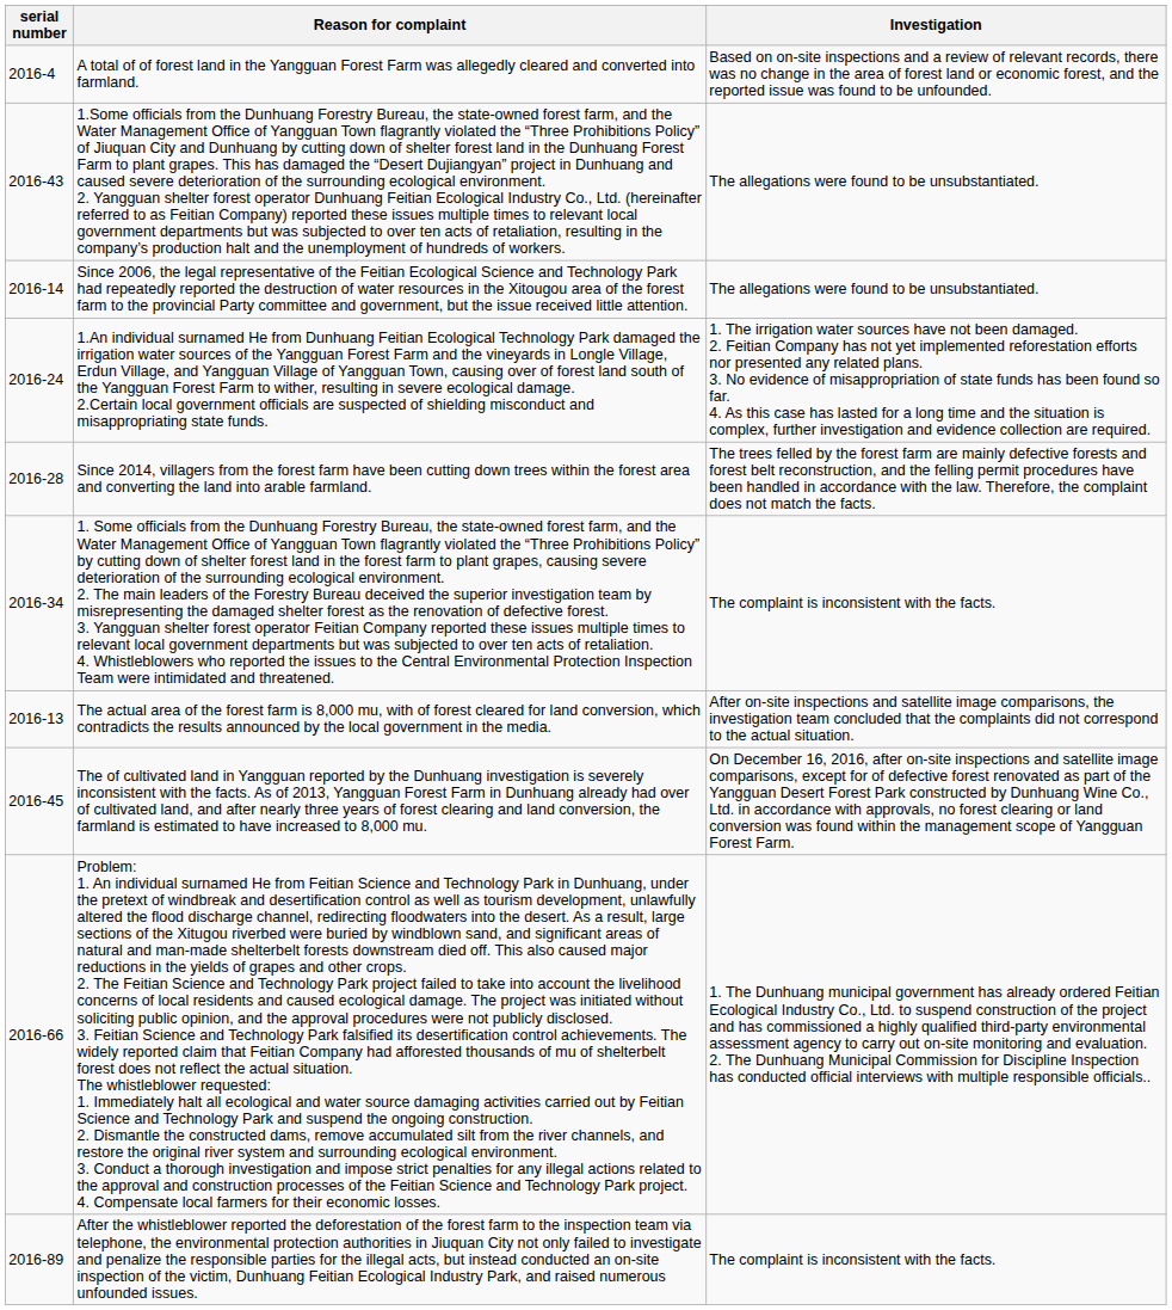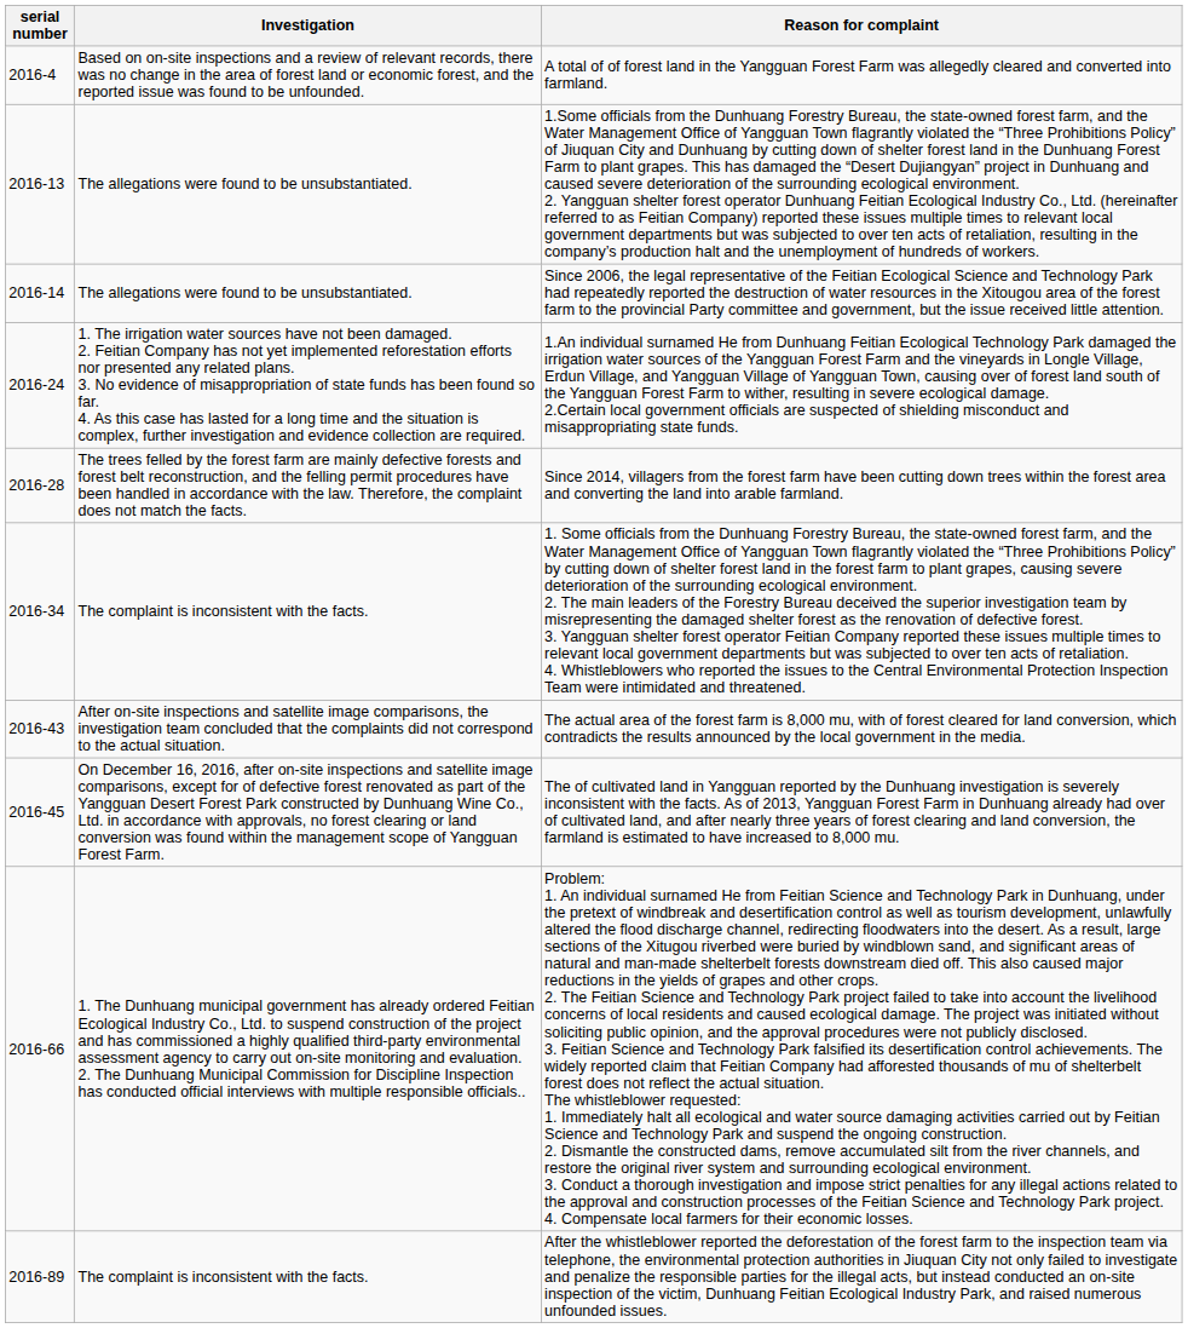 <table class="wikitable">
 <tr>
 <th>serial number</th>
+<th>Investigation</th>
 <th>Reason for complaint</th>
-<th>Investigation</th>
 </tr>
 <tr>
 <td>2016-4</td>
+<td>Based on on-site inspections and a review of relevant records, there was no change in the area of forest land or economic forest, and the reported issue was found to be unfounded.</td>
 <td>A total of  of forest land in the Yangguan Forest Farm was allegedly cleared and converted into farmland.</td>
-<td>Based on on-site inspections and a review of relevant records, there was no change in the area of forest land or economic forest, and the reported issue was found to be unfounded.</td>
+</tr>
+<tr>
+<td>2016-13</td>
+<td>The allegations were found to be unsubstantiated.</td>
+<td>1.Some officials from the Dunhuang Forestry Bureau, the state-owned forest farm, and the Water Management Office of Yangguan Town flagrantly violated the “Three Prohibitions Policy” of Jiuquan City and Dunhuang by cutting down  of shelter forest land in the Dunhuang Forest Farm to plant grapes. This has damaged the “Desert Dujiangyan” project in Dunhuang and caused severe deterioration of the surrounding ecological environment.<br>2. Yangguan shelter forest operator Dunhuang Feitian Ecological Industry Co., Ltd. (hereinafter referred to as Feitian Company) reported these issues multiple times to relevant local government departments but was subjected to over ten acts of retaliation, resulting in the company’s production halt and the unemployment of hundreds of workers.</td>
+</tr>
+<tr>
+<td>2016-14</td>
+<td>The allegations were found to be unsubstantiated.</td>
+<td>Since 2006, the legal representative of the Feitian Ecological Science and Technology Park had repeatedly reported the destruction of water resources in the Xitougou area of the forest farm to the provincial Party committee and government, but the issue received little attention.</td>
+</tr>
+<tr>
+<td>2016-24</td>
+<td>1. The irrigation water sources have not been damaged.<br>2. Feitian Company has not yet implemented reforestation efforts nor presented any related plans.<br>3. No evidence of misappropriation of state funds has been found so far.<br>4. As this case has lasted for a long time and the situation is complex, further investigation and evidence collection are required.</td>
+<td>1.An individual surnamed He from Dunhuang Feitian Ecological Technology Park damaged the irrigation water sources of the Yangguan Forest Farm and the vineyards in Longle Village, Erdun Village, and Yangguan Village of Yangguan Town, causing over  of forest land south of the Yangguan Forest Farm to wither, resulting in severe ecological damage.<br>2.Certain local government officials are suspected of shielding misconduct and misappropriating state funds.</td>
+</tr>
+<tr>
+<td>2016-28</td>
+<td>The trees felled by the forest farm are mainly defective forests and forest belt reconstruction, and the felling permit procedures have been handled in accordance with the law. Therefore, the complaint does not match the facts.</td>
+<td>Since 2014, villagers from the forest farm have been cutting down trees within the forest area and converting the land into arable farmland.</td>
+</tr>
+<tr>
+<td>2016-34</td>
+<td>The complaint is inconsistent with the facts.</td>
+<td>1. Some officials from the Dunhuang Forestry Bureau, the state-owned forest farm, and the Water Management Office of Yangguan Town flagrantly violated the “Three Prohibitions Policy” by cutting down  of shelter forest land in the forest farm to plant grapes, causing severe deterioration of the surrounding ecological environment.<br>2. The main leaders of the Forestry Bureau deceived the superior investigation team by misrepresenting the damaged shelter forest as the renovation of defective forest.<br>3. Yangguan shelter forest operator Feitian Company reported these issues multiple times to relevant local government departments but was subjected to over ten acts of retaliation.<br>4. Whistleblowers who reported the issues to the Central Environmental Protection Inspection Team were intimidated and threatened.</td>
 </tr>
 <tr>
 <td>2016-43</td>
-<td>1.Some officials from the Dunhuang Forestry Bureau, the state-owned forest farm, and the Water Management Office of Yangguan Town flagrantly violated the “Three Prohibitions Policy” of Jiuquan City and Dunhuang by cutting down  of shelter forest land in the Dunhuang Forest Farm to plant grapes. This has damaged the “Desert Dujiangyan” project in Dunhuang and caused severe deterioration of the surrounding ecological environment.<br>2. Yangguan shelter forest operator Dunhuang Feitian Ecological Industry Co., Ltd. (hereinafter referred to as Feitian Company) reported these issues multiple times to relevant local government departments but was subjected to over ten acts of retaliation, resulting in the company’s production halt and the unemployment of hundreds of workers.</td>
-<td>The allegations were found to be unsubstantiated.</td>
-</tr>
-<tr>
-<td>2016-14</td>
-<td>Since 2006, the legal representative of the Feitian Ecological Science and Technology Park had repeatedly reported the destruction of water resources in the Xitougou area of the forest farm to the provincial Party committee and government, but the issue received little attention.</td>
-<td>The allegations were found to be unsubstantiated.</td>
-</tr>
-<tr>
-<td>2016-24</td>
-<td>1.An individual surnamed He from Dunhuang Feitian Ecological Technology Park damaged the irrigation water sources of the Yangguan Forest Farm and the vineyards in Longle Village, Erdun Village, and Yangguan Village of Yangguan Town, causing over  of forest land south of the Yangguan Forest Farm to wither, resulting in severe ecological damage.<br>2.Certain local government officials are suspected of shielding misconduct and misappropriating state funds.</td>
-<td>1. The irrigation water sources have not been damaged.<br>2. Feitian Company has not yet implemented reforestation efforts nor presented any related plans.<br>3. No evidence of misappropriation of state funds has been found so far.<br>4. As this case has lasted for a long time and the situation is complex, further investigation and evidence collection are required.</td>
-</tr>
-<tr>
-<td>2016-28</td>
-<td>Since 2014, villagers from the forest farm have been cutting down trees within the forest area and converting the land into arable farmland.</td>
-<td>The trees felled by the forest farm are mainly defective forests and forest belt reconstruction, and the felling permit procedures have been handled in accordance with the law. Therefore, the complaint does not match the facts.</td>
-</tr>
-<tr>
-<td>2016-34</td>
-<td>1. Some officials from the Dunhuang Forestry Bureau, the state-owned forest farm, and the Water Management Office of Yangguan Town flagrantly violated the “Three Prohibitions Policy” by cutting down  of shelter forest land in the forest farm to plant grapes, causing severe deterioration of the surrounding ecological environment.<br>2. The main leaders of the Forestry Bureau deceived the superior investigation team by misrepresenting the damaged shelter forest as the renovation of defective forest.<br>3. Yangguan shelter forest operator Feitian Company reported these issues multiple times to relevant local government departments but was subjected to over ten acts of retaliation.<br>4. Whistleblowers who reported the issues to the Central Environmental Protection Inspection Team were intimidated and threatened.</td>
-<td>The complaint is inconsistent with the facts.</td>
-</tr>
-<tr>
-<td>2016-13</td>
+<td>After on-site inspections and satellite image comparisons, the investigation team concluded that the complaints did not correspond to the actual situation.</td>
 <td>The actual area of the forest farm is 8,000 mu, with  of forest cleared for land conversion, which contradicts the results announced by the local government in the media.</td>
-<td>After on-site inspections and satellite image comparisons, the investigation team concluded that the complaints did not correspond to the actual situation.</td>
 </tr>
 <tr>
 <td>2016-45</td>
+<td>On December 16, 2016, after on-site inspections and satellite image comparisons, except for   of defective forest renovated as part of the Yangguan Desert Forest Park constructed by Dunhuang Wine Co., Ltd. in accordance with approvals, no forest clearing or land conversion was found within the management scope of Yangguan Forest Farm.</td>
 <td>The  of cultivated land in Yangguan reported by the Dunhuang investigation is severely inconsistent with the facts. As of 2013, Yangguan Forest Farm in Dunhuang already had over   of cultivated land, and after nearly three years of forest clearing and land conversion, the farmland is estimated to have increased to 8,000 mu.</td>
-<td>On December 16, 2016, after on-site inspections and satellite image comparisons, except for   of defective forest renovated as part of the Yangguan Desert Forest Park constructed by Dunhuang Wine Co., Ltd. in accordance with approvals, no forest clearing or land conversion was found within the management scope of Yangguan Forest Farm.</td>
 </tr>
 <tr>
 <td>2016-66</td>
+<td>1. The Dunhuang municipal government has already ordered Feitian Ecological Industry Co., Ltd. to suspend construction of the project and has commissioned a highly qualified third-party environmental assessment agency to carry out on-site monitoring and evaluation.<br>2. The Dunhuang Municipal Commission for Discipline Inspection has conducted official interviews with multiple responsible officials..</td>
 <td>Problem:<br>1. An individual surnamed He from Feitian Science and Technology Park in Dunhuang, under the pretext of windbreak and desertification control as well as tourism development, unlawfully altered the flood discharge channel, redirecting floodwaters into the desert. As a result, large sections of the Xitugou riverbed were buried by windblown sand, and significant areas of natural and man-made shelterbelt forests downstream died off. This also caused major reductions in the yields of grapes and other crops.<br>2. The Feitian Science and Technology Park project failed to take into account the livelihood concerns of local residents and caused ecological damage. The project was initiated without soliciting public opinion, and the approval procedures were not publicly disclosed.<br>3. Feitian Science and Technology Park falsified its desertification control achievements. The widely reported claim that Feitian Company had afforested thousands of mu of shelterbelt forest does not reflect the actual situation.<br>The whistleblower requested:<br>1. Immediately halt all ecological and water source damaging activities carried out by Feitian Science and Technology Park and suspend the ongoing construction.<br>2. Dismantle the constructed dams, remove accumulated silt from the river channels, and restore the original river system and surrounding ecological environment.<br>3. Conduct a thorough investigation and impose strict penalties for any illegal actions related to the approval and construction processes of the Feitian Science and Technology Park project.<br>4. Compensate local farmers for their economic losses.</td>
-<td>1. The Dunhuang municipal government has already ordered Feitian Ecological Industry Co., Ltd. to suspend construction of the project and has commissioned a highly qualified third-party environmental assessment agency to carry out on-site monitoring and evaluation.<br>2. The Dunhuang Municipal Commission for Discipline Inspection has conducted official interviews with multiple responsible officials..</td>
 </tr>
 <tr>
 <td>2016-89</td>
+<td>The complaint is inconsistent with the facts.</td>
 <td>After the whistleblower reported the deforestation of the forest farm to the inspection team via telephone, the environmental protection authorities in Jiuquan City not only failed to investigate and penalize the responsible parties for the illegal acts, but instead conducted an on-site inspection of the victim, Dunhuang Feitian Ecological Industry Park, and raised numerous unfounded issues.</td>
-<td>The complaint is inconsistent with the facts.</td>
 </tr>
 </table>
